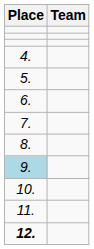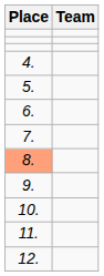 <table class="wikitable" style="text-align:center">
 <tr>
 <th>Place</th>
 <th>Team</th>
 </tr>
 <tr>
 <td></td>
 <td style="text-align:left;"></td>
 </tr>
 <tr>
 <td></td>
 <td style="text-align:left;"></td>
 </tr>
 <tr>
 <td></td>
 <td style="text-align:left;"></td>
 </tr>
 <tr>
 <td><em>4.</em></td>
 <td style="text-align:left;"></td>
 </tr>
 <tr>
 <td><em>5.</em></td>
 <td style="text-align:left;"></td>
 </tr>
 <tr>
 <td><em>6.</em></td>
 <td style="text-align:left;"></td>
 </tr>
 <tr>
 <td><em>7.</em></td>
 <td style="text-align:left;"></td>
 </tr>
 <tr>
-<td><em>8.</em></td>
+<td style="background: lightsalmon;"><em>8.</em></td>
 <td style="text-align:left;"></td>
 </tr>
 <tr>
-<td style="background: lightblue;"><em>9.</em></td>
+<td><em>9.</em></td>
 <td style="text-align:left;"></td>
 </tr>
 <tr>
 <td><em>10.</em></td>
 <td style="text-align:left;"></td>
 </tr>
 <tr>
 <td><em>11.</em></td>
 <td style="text-align:left;"></td>
 </tr>
 <tr>
-<td><strong><em>12.</em></strong></td>
+<td><em>12.</em></td>
 <td style="text-align:left;"></td>
 </tr>
 </table>
